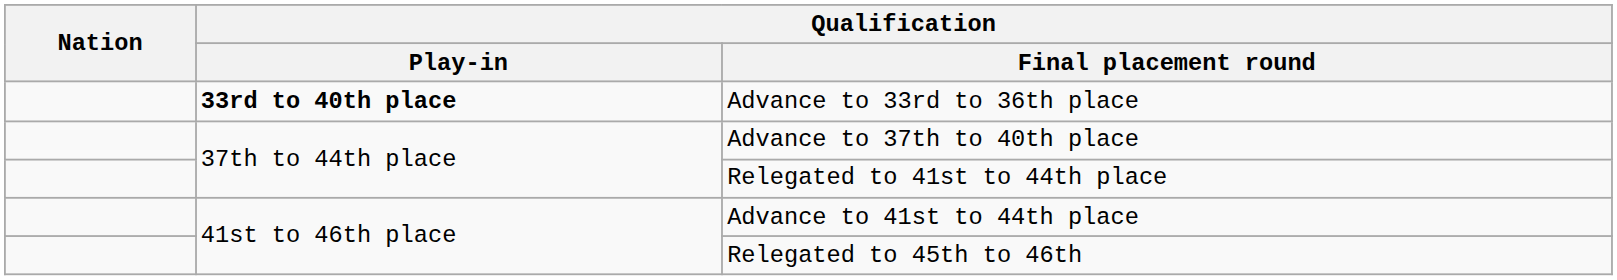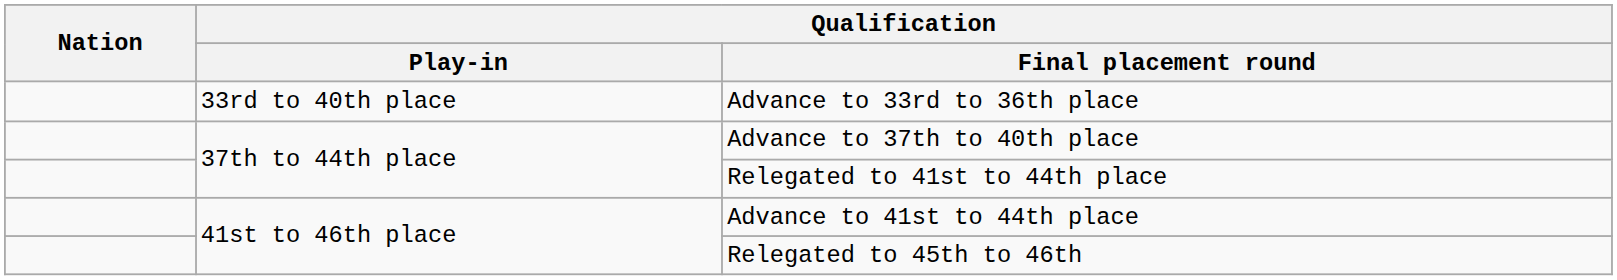 <table class="wikitable" style="txt-align: center;" width=100%>
 <tr>
 <th rowspan=2>Nation</th>
 <th colspan=2>Qualification</th>
 </tr>
 <tr>
 <th>Play-in</th>
 <th>Final placement round</th>
 </tr>
 <tr>
 <td><br></td>
-<td><strong>33rd to 40th place</strong></td>
+<td>33rd to 40th place</td>
 <td>Advance to 33rd to 36th place</td>
 </tr>
 <tr>
 <td><br></td>
 <td rowspan=2>37th to 44th place</td>
 <td>Advance to 37th to 40th place</td>
 </tr>
 <tr>
 <td><br></td>
 <td>Relegated to 41st to 44th place</td>
 </tr>
 <tr>
 <td><br></td>
 <td rowspan=2>41st to 46th place</td>
 <td>Advance to 41st to 44th place</td>
 </tr>
 <tr>
 <td><br></td>
 <td>Relegated to 45th to 46th</td>
 </tr>
 </table>
